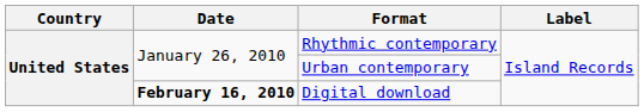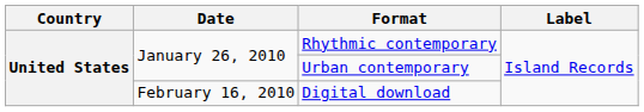 <table class="wikitable plainrowheaders">
 <tr>
 <th scope="col">Country</th>
 <th scope="col">Date</th>
 <th scope="col">Format</th>
 <th scope="col">Label</th>
 </tr>
 <tr>
 <th scope="row" rowspan="3">United States</th>
 <td rowspan="2">January 26, 2010</td>
 <td><a href='#'>Rhythmic contemporary</a></td>
 <td rowspan="3"><a href='#'>Island Records</a></td>
 </tr>
 <tr>
 <td><a href='#'>Urban contemporary</a></td>
 </tr>
 <tr>
-<td><strong>February 16, 2010</strong></td>
+<td>February 16, 2010</td>
 <td><a href='#'>Digital download</a></td>
 </tr>
 </table>
